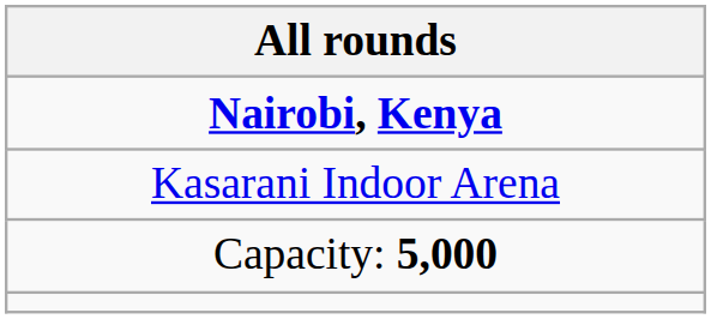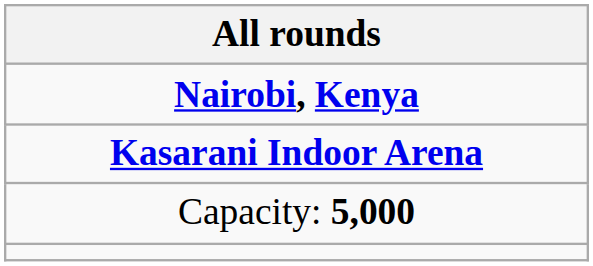 <table class=wikitable style=text-align:center width=250>
 <tr>
 <th>All rounds</th>
 </tr>
 <tr>
 <td><strong> <a href='#'>Nairobi</a>, <a href='#'>Kenya</a></strong></td>
 </tr>
 <tr>
-<td><a href='#'>Kasarani Indoor Arena</a></td>
+<td><strong><a href='#'>Kasarani Indoor Arena</a></strong></td>
 </tr>
 <tr>
 <td>Capacity: <strong>5,000</strong></td>
 </tr>
 <tr>
 <td></td>
 </tr>
 </table>
